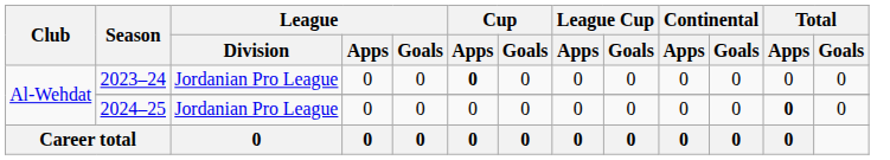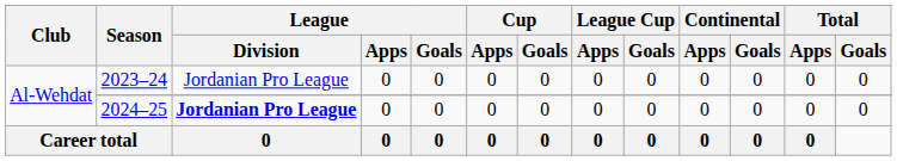 <table class="wikitable" style="text-align: center;">
 <tr>
 <th rowspan="2">Club</th>
 <th rowspan="2">Season</th>
 <th colspan="3">League</th>
 <th colspan="2">Cup</th>
 <th colspan="2">League Cup</th>
 <th colspan="2">Continental</th>
 <th colspan="2">Total</th>
 </tr>
 <tr>
 <th>Division</th>
 <th>Apps</th>
 <th>Goals</th>
 <th>Apps</th>
 <th>Goals</th>
 <th>Apps</th>
 <th>Goals</th>
 <th>Apps</th>
 <th>Goals</th>
 <th>Apps</th>
 <th>Goals</th>
 </tr>
 <tr>
 <td rowspan="3" valign="center"><a href='#'>Al-Wehdat</a></td>
 <td><a href='#'>2023–24</a></td>
 <td><a href='#'>Jordanian Pro League</a></td>
 <td>0</td>
 <td>0</td>
-<td><strong>0</strong></td>
+<td>0</td>
 <td>0</td>
 <td>0</td>
 <td>0</td>
 <td>0</td>
 <td>0</td>
 <td>0</td>
 <td>0</td>
 </tr>
 <tr>
 </tr>
 <tr>
 <td><a href='#'>2024–25</a></td>
-<td><a href='#'>Jordanian Pro League</a></td>
+<td><strong><a href='#'>Jordanian Pro League</a></strong></td>
 <td>0</td>
 <td>0</td>
 <td>0</td>
 <td>0</td>
 <td>0</td>
 <td>0</td>
 <td>0</td>
 <td>0</td>
-<td><strong>0</strong></td>
+<td>0</td>
 <td>0</td>
 </tr>
 <tr>
 <th colspan="2">Career total</th>
 <th>0</th>
 <th>0</th>
 <th>0</th>
 <th>0</th>
 <th>0</th>
 <th>0</th>
 <th>0</th>
 <th>0</th>
 <th>0</th>
 <th>0</th>
 </tr>
 </table>
